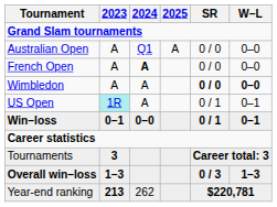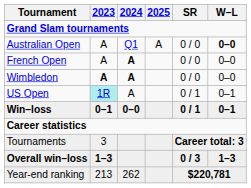 <table class=wikitable style=text-align:center>
 <tr>
 <th>Tournament</th>
 <th><a href='#'>2023</a></th>
 <th><a href='#'>2024</a></th>
 <th><a href='#'>2025</a></th>
 <th>SR</th>
 <th>W–L</th>
 </tr>
 <tr>
 <td colspan="7" style="text-align:left"><strong><a href='#'>Grand Slam tournaments</a></strong></td>
 </tr>
 <tr>
 <td style=text-align:left><a href='#'>Australian Open</a></td>
 <td>A</td>
 <td><a href='#'>Q1</a></td>
 <td>A</td>
 <td>0 / 0</td>
-<td>0–0</td>
+<td><strong>0–0</strong></td>
 </tr>
 <tr>
 <td style=text-align:left><a href='#'>French Open</a></td>
 <td>A</td>
 <td><strong>A</strong></td>
 <td></td>
 <td>0 / 0</td>
 <td>0–0</td>
 </tr>
 <tr>
 <td style=text-align:left><a href='#'>Wimbledon</a></td>
-<td>A</td>
-<td>A</td>
+<td><strong>A</strong></td>
+<td><strong>A</strong></td>
 <td></td>
-<td><strong>0 / 0</strong></td>
-<td><strong>0–0</strong></td>
+<td>0 / 0</td>
+<td>0–0</td>
 </tr>
 <tr>
 <td style=text-align:left><a href='#'>US Open</a></td>
 <td style=background:#afeeee><a href='#'>1R</a></td>
 <td>A</td>
 <td></td>
 <td>0 / 1</td>
 <td>0–1</td>
 </tr>
 <tr style=background:#efefef;font-weight:bold>
 <td style=text-align:left>Win–loss</td>
 <td>0–1</td>
 <td>0–0</td>
 <td></td>
 <td>0 / 1</td>
 <td>0–1</td>
 </tr>
 <tr>
 <td colspan="7" style="text-align:left"><strong>Career statistics</strong></td>
 </tr>
 <tr style=background:#efefef>
 <td style=text-align:left>Tournaments</td>
-<td><strong>3</strong></td>
+<td>3</td>
 <td></td>
 <td></td>
 <td colspan="3"><strong>Career total: 3</strong></td>
 </tr>
 <tr style=background:#efefef;font-weight:bold>
 <td style=text-align:left>Overall win–loss</td>
 <td>1–3</td>
 <td></td>
 <td></td>
 <td>0 / 3</td>
 <td>1–3</td>
 </tr>
 <tr style=background:#efefef>
 <td style=text-align:left>Year-end ranking</td>
-<td><strong>213</strong></td>
+<td>213</td>
 <td>262</td>
 <td></td>
 <td colspan="3"><strong>$220,781</strong></td>
 </tr>
 </table>
